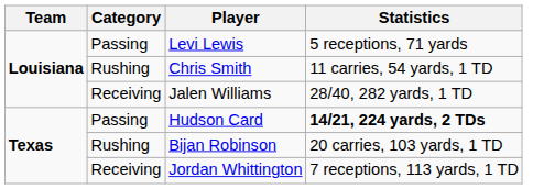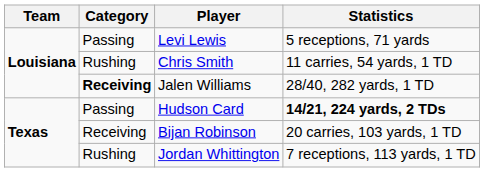 <table class="wikitable" style="float: left;">
 <tr>
 <th>Team</th>
 <th>Category</th>
 <th>Player</th>
 <th>Statistics</th>
 </tr>
 <tr>
 <td rowspan=3><strong>Louisiana</strong></td>
 <td>Passing</td>
 <td><a href='#'>Levi Lewis</a></td>
 <td>5 receptions, 71 yards</td>
 </tr>
 <tr>
 <td>Rushing</td>
 <td><a href='#'>Chris Smith</a></td>
 <td>11 carries, 54 yards, 1 TD</td>
 </tr>
 <tr>
-<td>Receiving</td>
+<td><strong>Receiving</strong></td>
 <td>Jalen Williams</td>
 <td>28/40, 282 yards, 1 TD</td>
 </tr>
 <tr>
 <td rowspan=3><strong>Texas</strong></td>
 <td>Passing</td>
 <td><a href='#'>Hudson Card</a></td>
 <td><strong>14/21, 224 yards, 2 TDs</strong></td>
 </tr>
 <tr>
-<td>Rushing</td>
+<td>Receiving</td>
 <td><a href='#'>Bijan Robinson</a></td>
 <td>20 carries, 103 yards, 1 TD</td>
 </tr>
 <tr>
-<td>Receiving</td>
+<td>Rushing</td>
 <td><a href='#'>Jordan Whittington</a></td>
 <td>7 receptions, 113 yards, 1 TD</td>
 </tr>
 </table>
